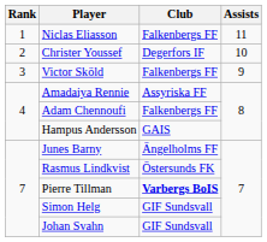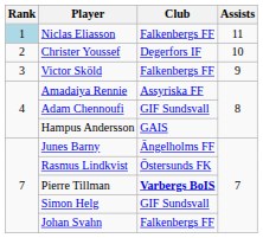 <table class="wikitable" style="text-align:center">
 <tr>
 <th>Rank</th>
 <th>Player</th>
 <th>Club</th>
 <th>Assists</th>
 </tr>
 <tr>
-<td>1</td>
+<td style="background: lightblue;">1</td>
 <td align="left"> <a href='#'>Niclas Eliasson</a></td>
 <td align="left"><a href='#'>Falkenbergs FF</a></td>
 <td>11</td>
 </tr>
 <tr>
 <td>2</td>
 <td align="left"> <a href='#'>Christer Youssef</a></td>
 <td align="left"><a href='#'>Degerfors IF</a></td>
 <td>10</td>
 </tr>
 <tr>
 <td>3</td>
 <td align="left"> <a href='#'>Victor Sköld</a></td>
 <td align="left"><a href='#'>Falkenbergs FF</a></td>
 <td>9</td>
 </tr>
 <tr>
 <td rowspan="3">4</td>
 <td align="left"> <a href='#'>Amadaiya Rennie</a></td>
 <td align="left"><a href='#'>Assyriska FF</a></td>
 <td rowspan="3">8</td>
 </tr>
 <tr>
 <td align="left"> <a href='#'>Adam Chennoufi</a></td>
-<td align="left"><a href='#'>Falkenbergs FF</a></td>
+<td align="left"><a href='#'>GIF Sundsvall</a></td>
 </tr>
 <tr>
 <td align="left"> Hampus Andersson</td>
 <td align="left"><a href='#'>GAIS</a></td>
 </tr>
 <tr>
 <td rowspan="5">7</td>
 <td align="left"> <a href='#'>Junes Barny</a></td>
 <td align="left"><a href='#'>Ängelholms FF</a></td>
 <td rowspan="5">7</td>
 </tr>
 <tr>
 <td align="left"> <a href='#'>Rasmus Lindkvist</a></td>
 <td align="left"><a href='#'>Östersunds FK</a></td>
 </tr>
 <tr>
 <td align="left"> Pierre Tillman</td>
 <td align="left"><strong><a href='#'>Varbergs BoIS</a></strong></td>
 </tr>
 <tr>
 <td align="left"> <a href='#'>Simon Helg</a></td>
 <td align="left"><a href='#'>GIF Sundsvall</a></td>
 </tr>
 <tr>
 <td align="left"> <a href='#'>Johan Svahn</a></td>
-<td align="left"><a href='#'>GIF Sundsvall</a></td>
+<td align="left"><a href='#'>Falkenbergs FF</a></td>
 </tr>
 </table>
